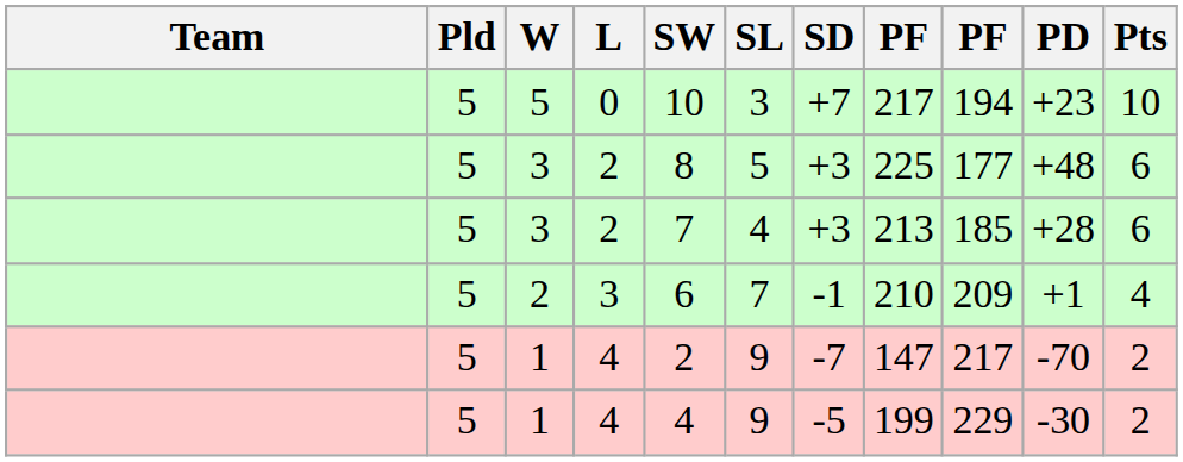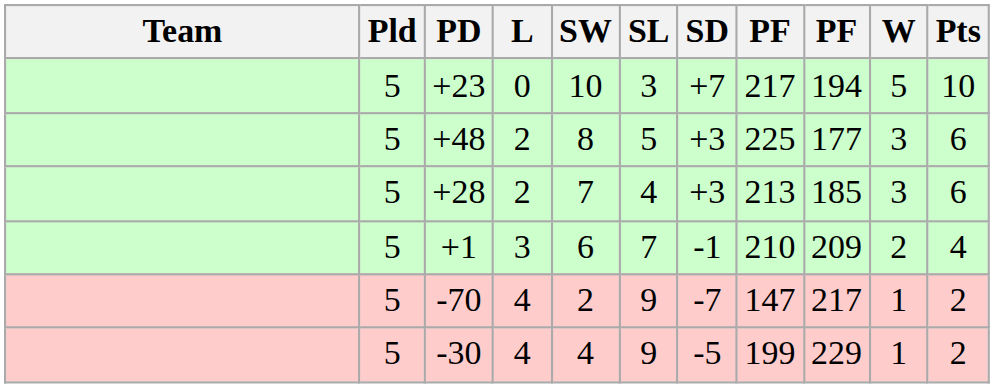 <table class=wikitable style="text-align:center">
 <tr>
 <th width=160>Team</th>
 <th width=20>Pld</th>
-<th width=20>W</th>
+<th width=20>PD</th>
 <th width=20>L</th>
 <th width=20>SW</th>
 <th width=20>SL</th>
 <th width=20>SD</th>
 <th width=20>PF</th>
 <th width=20>PF</th>
-<th width=20>PD</th>
+<th width=20>W</th>
 <th width=20>Pts</th>
 </tr>
 <tr bgcolor="ccffcc">
 <td align=left></td>
 <td>5</td>
-<td>5</td>
+<td>+23</td>
 <td>0</td>
 <td>10</td>
 <td>3</td>
 <td>+7</td>
 <td>217</td>
 <td>194</td>
-<td>+23</td>
+<td>5</td>
 <td>10</td>
 </tr>
 <tr bgcolor="ccffcc">
 <td align=left></td>
 <td>5</td>
-<td>3</td>
+<td>+48</td>
 <td>2</td>
 <td>8</td>
 <td>5</td>
 <td>+3</td>
 <td>225</td>
 <td>177</td>
-<td>+48</td>
+<td>3</td>
 <td>6</td>
 </tr>
 <tr bgcolor="ccffcc">
 <td align=left></td>
 <td>5</td>
-<td>3</td>
+<td>+28</td>
 <td>2</td>
 <td>7</td>
 <td>4</td>
 <td>+3</td>
 <td>213</td>
 <td>185</td>
-<td>+28</td>
+<td>3</td>
 <td>6</td>
 </tr>
 <tr bgcolor="ccffcc">
 <td align=left></td>
 <td>5</td>
-<td>2</td>
+<td>+1</td>
 <td>3</td>
 <td>6</td>
 <td>7</td>
 <td>-1</td>
 <td>210</td>
 <td>209</td>
-<td>+1</td>
+<td>2</td>
 <td>4</td>
 </tr>
 <tr bgcolor="ffcccc">
 <td align=left></td>
 <td>5</td>
-<td>1</td>
+<td>-70</td>
 <td>4</td>
 <td>2</td>
 <td>9</td>
 <td>-7</td>
 <td>147</td>
 <td>217</td>
-<td>-70</td>
+<td>1</td>
 <td>2</td>
 </tr>
 <tr bgcolor="ffcccc">
 <td align=left></td>
 <td>5</td>
-<td>1</td>
+<td>-30</td>
 <td>4</td>
 <td>4</td>
 <td>9</td>
 <td>-5</td>
 <td>199</td>
 <td>229</td>
-<td>-30</td>
+<td>1</td>
 <td>2</td>
 </tr>
 </table>
